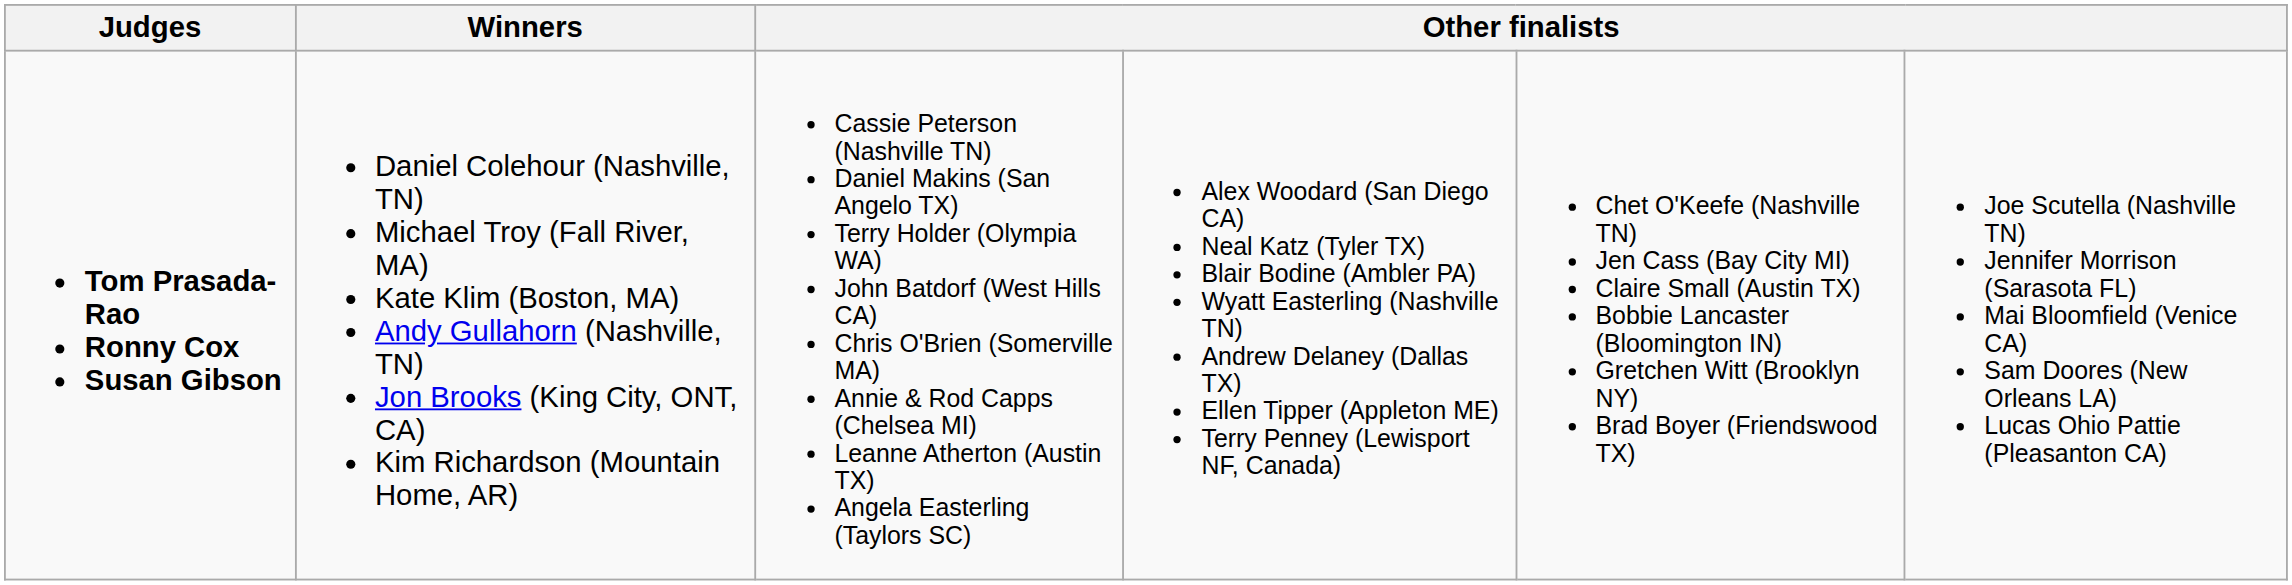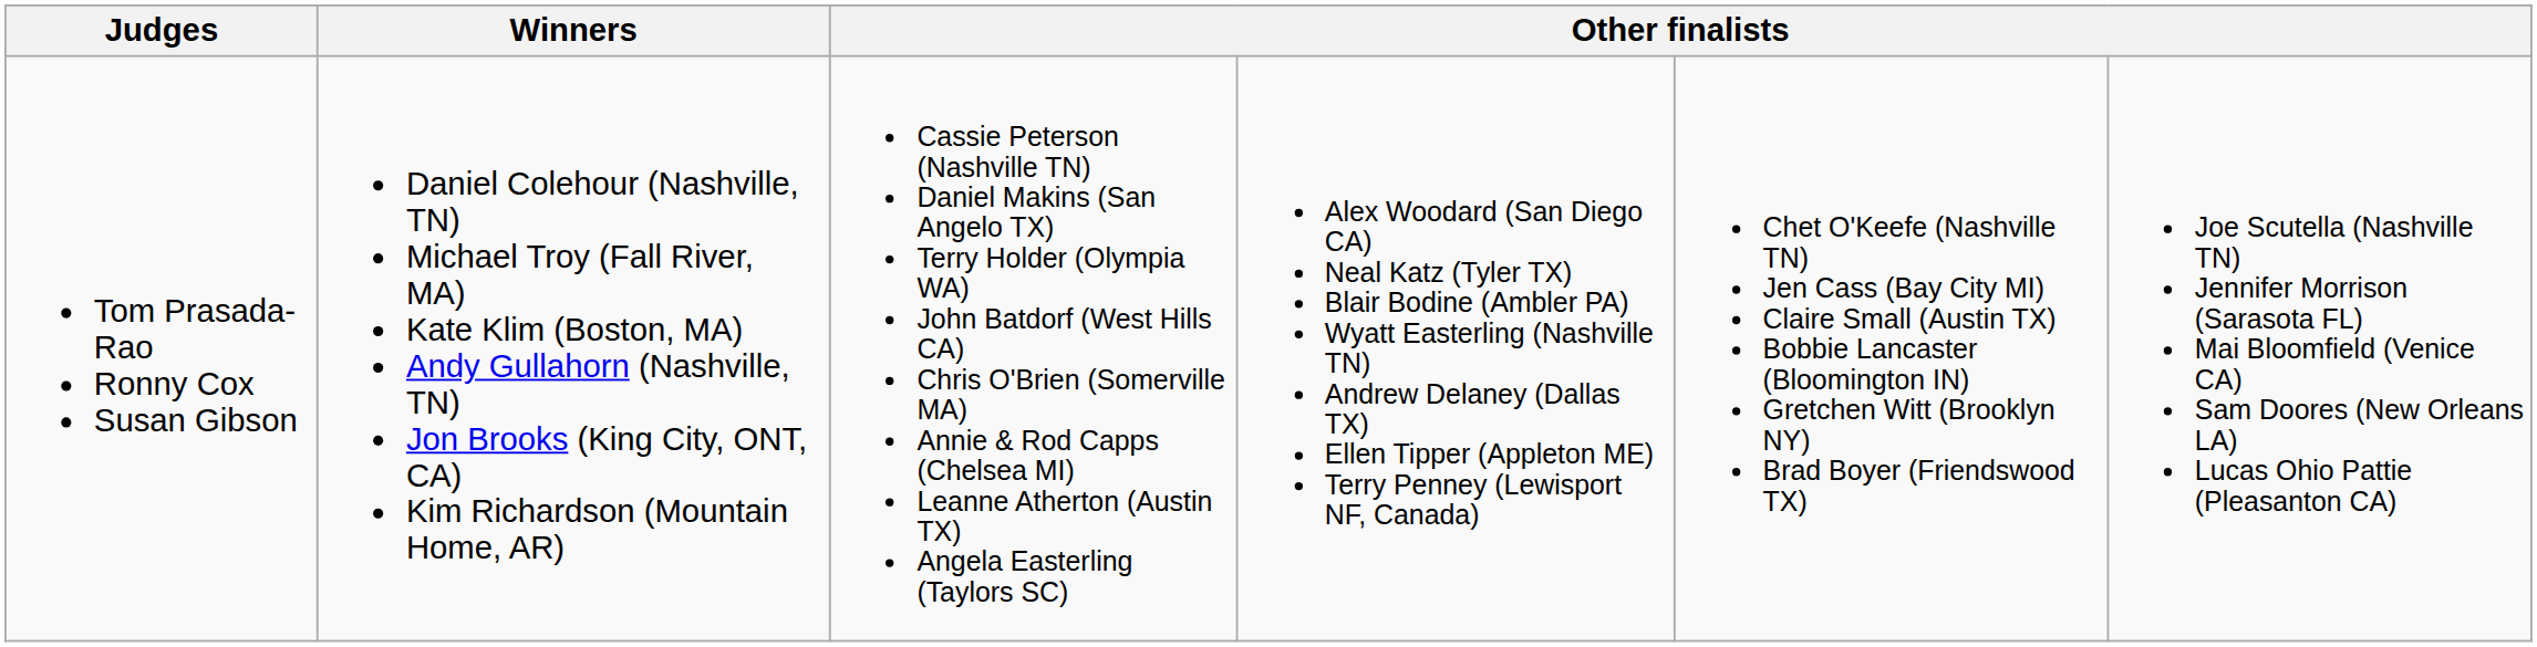 <table class="wikitable mw-collapsible mw-collapsed" style="text-align:left">
 <tr>
 <th>Judges</th>
 <th>Winners</th>
 <th colspan="4" align="center">Other finalists</th>
 </tr>
 <tr>
-<td><strong><br><ul><li>Tom Prasada-Rao</li><li>Ronny Cox</li><li>Susan Gibson</li></ul></strong></td>
+<td><br><ul><li>Tom Prasada-Rao</li><li>Ronny Cox</li><li>Susan Gibson</li></ul></td>
 <td><br><ul><li>Daniel Colehour (Nashville, TN)</li><li>Michael Troy (Fall River, MA)</li><li>Kate Klim (Boston, MA)</li><li><a href='#'>Andy Gullahorn</a> (Nashville, TN)</li><li><a href='#'>Jon Brooks</a> (King City, ONT, CA)</li><li>Kim Richardson (Mountain Home, AR)</li></ul></td>
 <td style="font-size:85%"><br><ul><li>Cassie Peterson (Nashville TN)</li><li>Daniel Makins (San Angelo TX)</li><li>Terry Holder (Olympia WA)</li><li>John Batdorf (West Hills CA)</li><li>Chris O'Brien (Somerville MA)</li><li>Annie & Rod Capps (Chelsea MI)</li><li>Leanne Atherton (Austin TX)</li><li>Angela Easterling (Taylors SC)</li></ul></td>
 <td style="font-size:85%"><br><ul><li>Alex Woodard (San Diego CA)</li><li>Neal Katz (Tyler TX)</li><li>Blair Bodine (Ambler PA)</li><li>Wyatt Easterling (Nashville TN)</li><li>Andrew Delaney (Dallas TX)</li><li>Ellen Tipper (Appleton ME)</li><li>Terry Penney (Lewisport NF, Canada)</li></ul></td>
 <td style="font-size:85%"><br><ul><li>Chet O'Keefe (Nashville TN)</li><li>Jen Cass (Bay City MI)</li><li>Claire Small (Austin TX)</li><li>Bobbie Lancaster (Bloomington IN)</li><li>Gretchen Witt (Brooklyn NY)</li><li>Brad Boyer (Friendswood TX)</li></ul></td>
 <td style="font-size:85%"><br><ul><li>Joe Scutella (Nashville TN)</li><li>Jennifer Morrison (Sarasota FL)</li><li>Mai Bloomfield (Venice CA)</li><li>Sam Doores (New Orleans LA)</li><li>Lucas Ohio Pattie (Pleasanton CA)</li></ul></td>
 </tr>
 </table>
